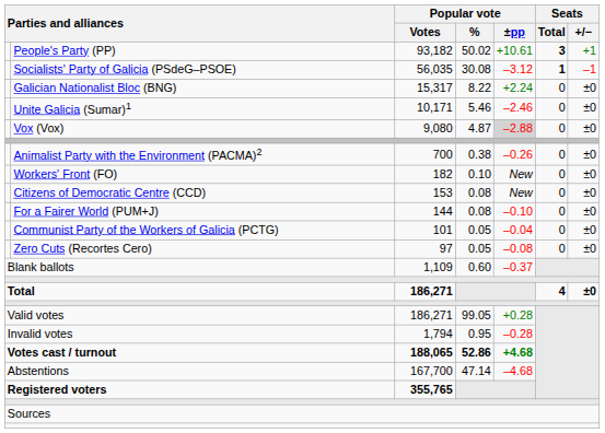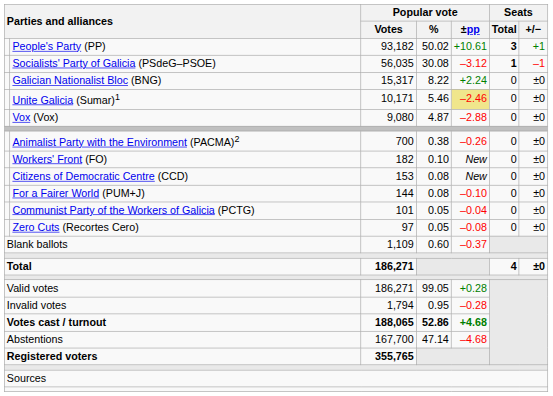 <table class="wikitable" style="text-align:right;">
 <tr>
 <th style="text-align:left;" rowspan="2" colspan="2" width="525">Parties and alliances</th>
 <th colspan="3">Popular vote</th>
 <th colspan="2">Seats</th>
 </tr>
 <tr>
 <th width="75">Votes</th>
 <th width="45">%</th>
 <th width="45">±<a href='#'>pp</a></th>
 <th width="35">Total</th>
 <th width="35">+/−</th>
 </tr>
 <tr>
 <td width="1" style="color:inherit;background:"></td>
 <td align="left"><a href='#'>People's Party</a> (PP)</td>
 <td>93,182</td>
 <td>50.02</td>
 <td style="color:green;">+10.61</td>
 <td><strong>3</strong></td>
 <td style="color:green;">+1</td>
 </tr>
 <tr>
 <td style="color:inherit;background:"></td>
 <td align="left"><a href='#'>Socialists' Party of Galicia</a> (PSdeG–PSOE)</td>
 <td>56,035</td>
 <td>30.08</td>
 <td style="color:red;">–3.12</td>
 <td><strong>1</strong></td>
 <td style="color:red;">–1</td>
 </tr>
 <tr>
 <td style="color:inherit;background:"></td>
 <td align="left"><a href='#'>Galician Nationalist Bloc</a> (BNG)</td>
 <td>15,317</td>
 <td>8.22</td>
 <td style="color:green;">+2.24</td>
 <td>0</td>
 <td>±0</td>
 </tr>
 <tr>
 <td style="color:inherit;background:"></td>
 <td align="left"><a href='#'>Unite Galicia</a> (Sumar)<sup>1</sup></td>
 <td>10,171</td>
 <td>5.46</td>
-<td style="color:red;">–2.46</td>
+<td style="background: khaki; color:red;">–2.46</td>
 <td>0</td>
 <td>±0</td>
 </tr>
 <tr>
 <td style="color:inherit;background:"></td>
 <td align="left"><a href='#'>Vox</a> (Vox)</td>
 <td>9,080</td>
 <td>4.87</td>
-<td style="background: lightgrey; color:red;">–2.88</td>
+<td style="color:red;">–2.88</td>
 <td>0</td>
 <td>±0</td>
 </tr>
 <tr>
 <td colspan="7" bgcolor="#C0C0C0"></td>
 </tr>
 <tr>
 <td style="color:inherit;background:"></td>
 <td align="left"><a href='#'>Animalist Party with the Environment</a> (PACMA)<sup>2</sup></td>
 <td>700</td>
 <td>0.38</td>
 <td style="color:red;">–0.26</td>
 <td>0</td>
 <td>±0</td>
 </tr>
 <tr>
 <td style="color:inherit;background:"></td>
 <td align="left"><a href='#'>Workers' Front</a> (FO)</td>
 <td>182</td>
 <td>0.10</td>
 <td><em>New</em></td>
 <td>0</td>
 <td>±0</td>
 </tr>
 <tr>
 <td style="color:inherit;background:"></td>
 <td align="left"><a href='#'>Citizens of Democratic Centre</a> (CCD)</td>
 <td>153</td>
 <td>0.08</td>
 <td><em>New</em></td>
 <td>0</td>
 <td>±0</td>
 </tr>
 <tr>
 <td style="color:inherit;background:"></td>
 <td align="left"><a href='#'>For a Fairer World</a> (PUM+J)</td>
 <td>144</td>
 <td>0.08</td>
 <td style="color:red;">–0.10</td>
 <td>0</td>
 <td>±0</td>
 </tr>
 <tr>
 <td style="color:inherit;background:"></td>
 <td align="left"><a href='#'>Communist Party of the Workers of Galicia</a> (PCTG)</td>
 <td>101</td>
 <td>0.05</td>
 <td style="color:red;">–0.04</td>
 <td>0</td>
 <td>±0</td>
 </tr>
 <tr>
 <td style="color:inherit;background:"></td>
 <td align="left"><a href='#'>Zero Cuts</a> (Recortes Cero)</td>
 <td>97</td>
 <td>0.05</td>
 <td style="color:red;">–0.08</td>
 <td>0</td>
 <td>±0</td>
 </tr>
 <tr>
 <td align="left" colspan="2">Blank ballots</td>
 <td>1,109</td>
 <td>0.60</td>
 <td style="color:red;">–0.37</td>
 <td bgcolor="#E9E9E9" colspan="2"></td>
 </tr>
 <tr>
 <td colspan="7" bgcolor="#E9E9E9"></td>
 </tr>
 <tr style="font-weight:bold;">
 <td align="left" colspan="2">Total</td>
 <td>186,271</td>
 <td bgcolor="#E9E9E9" colspan="2"></td>
 <td>4</td>
 <td>±0</td>
 </tr>
 <tr>
 <td colspan="7" bgcolor="#E9E9E9"></td>
 </tr>
 <tr>
 <td align="left" colspan="2">Valid votes</td>
 <td>186,271</td>
 <td>99.05</td>
 <td style="color:green;">+0.28</td>
 <td bgcolor="#E9E9E9" colspan="2" rowspan="5"></td>
 </tr>
 <tr>
 <td align="left" colspan="2">Invalid votes</td>
 <td>1,794</td>
 <td>0.95</td>
 <td style="color:red;">–0.28</td>
 </tr>
 <tr style="font-weight:bold;">
 <td align="left" colspan="2">Votes cast / turnout</td>
 <td>188,065</td>
 <td>52.86</td>
 <td style="color:green;">+4.68</td>
 </tr>
 <tr>
 <td align="left" colspan="2">Abstentions</td>
 <td>167,700</td>
 <td>47.14</td>
 <td style="color:red;">–4.68</td>
 </tr>
 <tr style="font-weight:bold;">
 <td align="left" colspan="2">Registered voters</td>
 <td>355,765</td>
 <td bgcolor="#E9E9E9" colspan="2"></td>
 </tr>
 <tr>
 <td colspan="7" bgcolor="#E9E9E9"></td>
 </tr>
 <tr>
 <td align="left" colspan="7">Sources</td>
 </tr>
 <tr>
 <td colspan="7" style="text-align:left; max-width:790px;"></td>
 </tr>
 </table>
